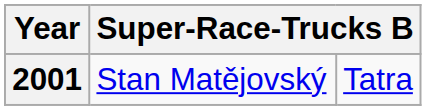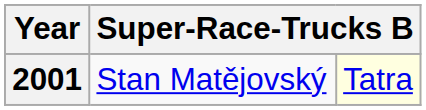 <table class="wikitable">
 <tr>
 <th>Year</th>
 <th colspan=2>Super-Race-Trucks B</th>
 </tr>
 <tr>
 <th>2001</th>
 <td> <a href='#'>Stan Matějovský</a></td>
-<td><a href='#'>Tatra</a></td>
+<td style="background: lightyellow;"><a href='#'>Tatra</a></td>
 </tr>
 </table>
